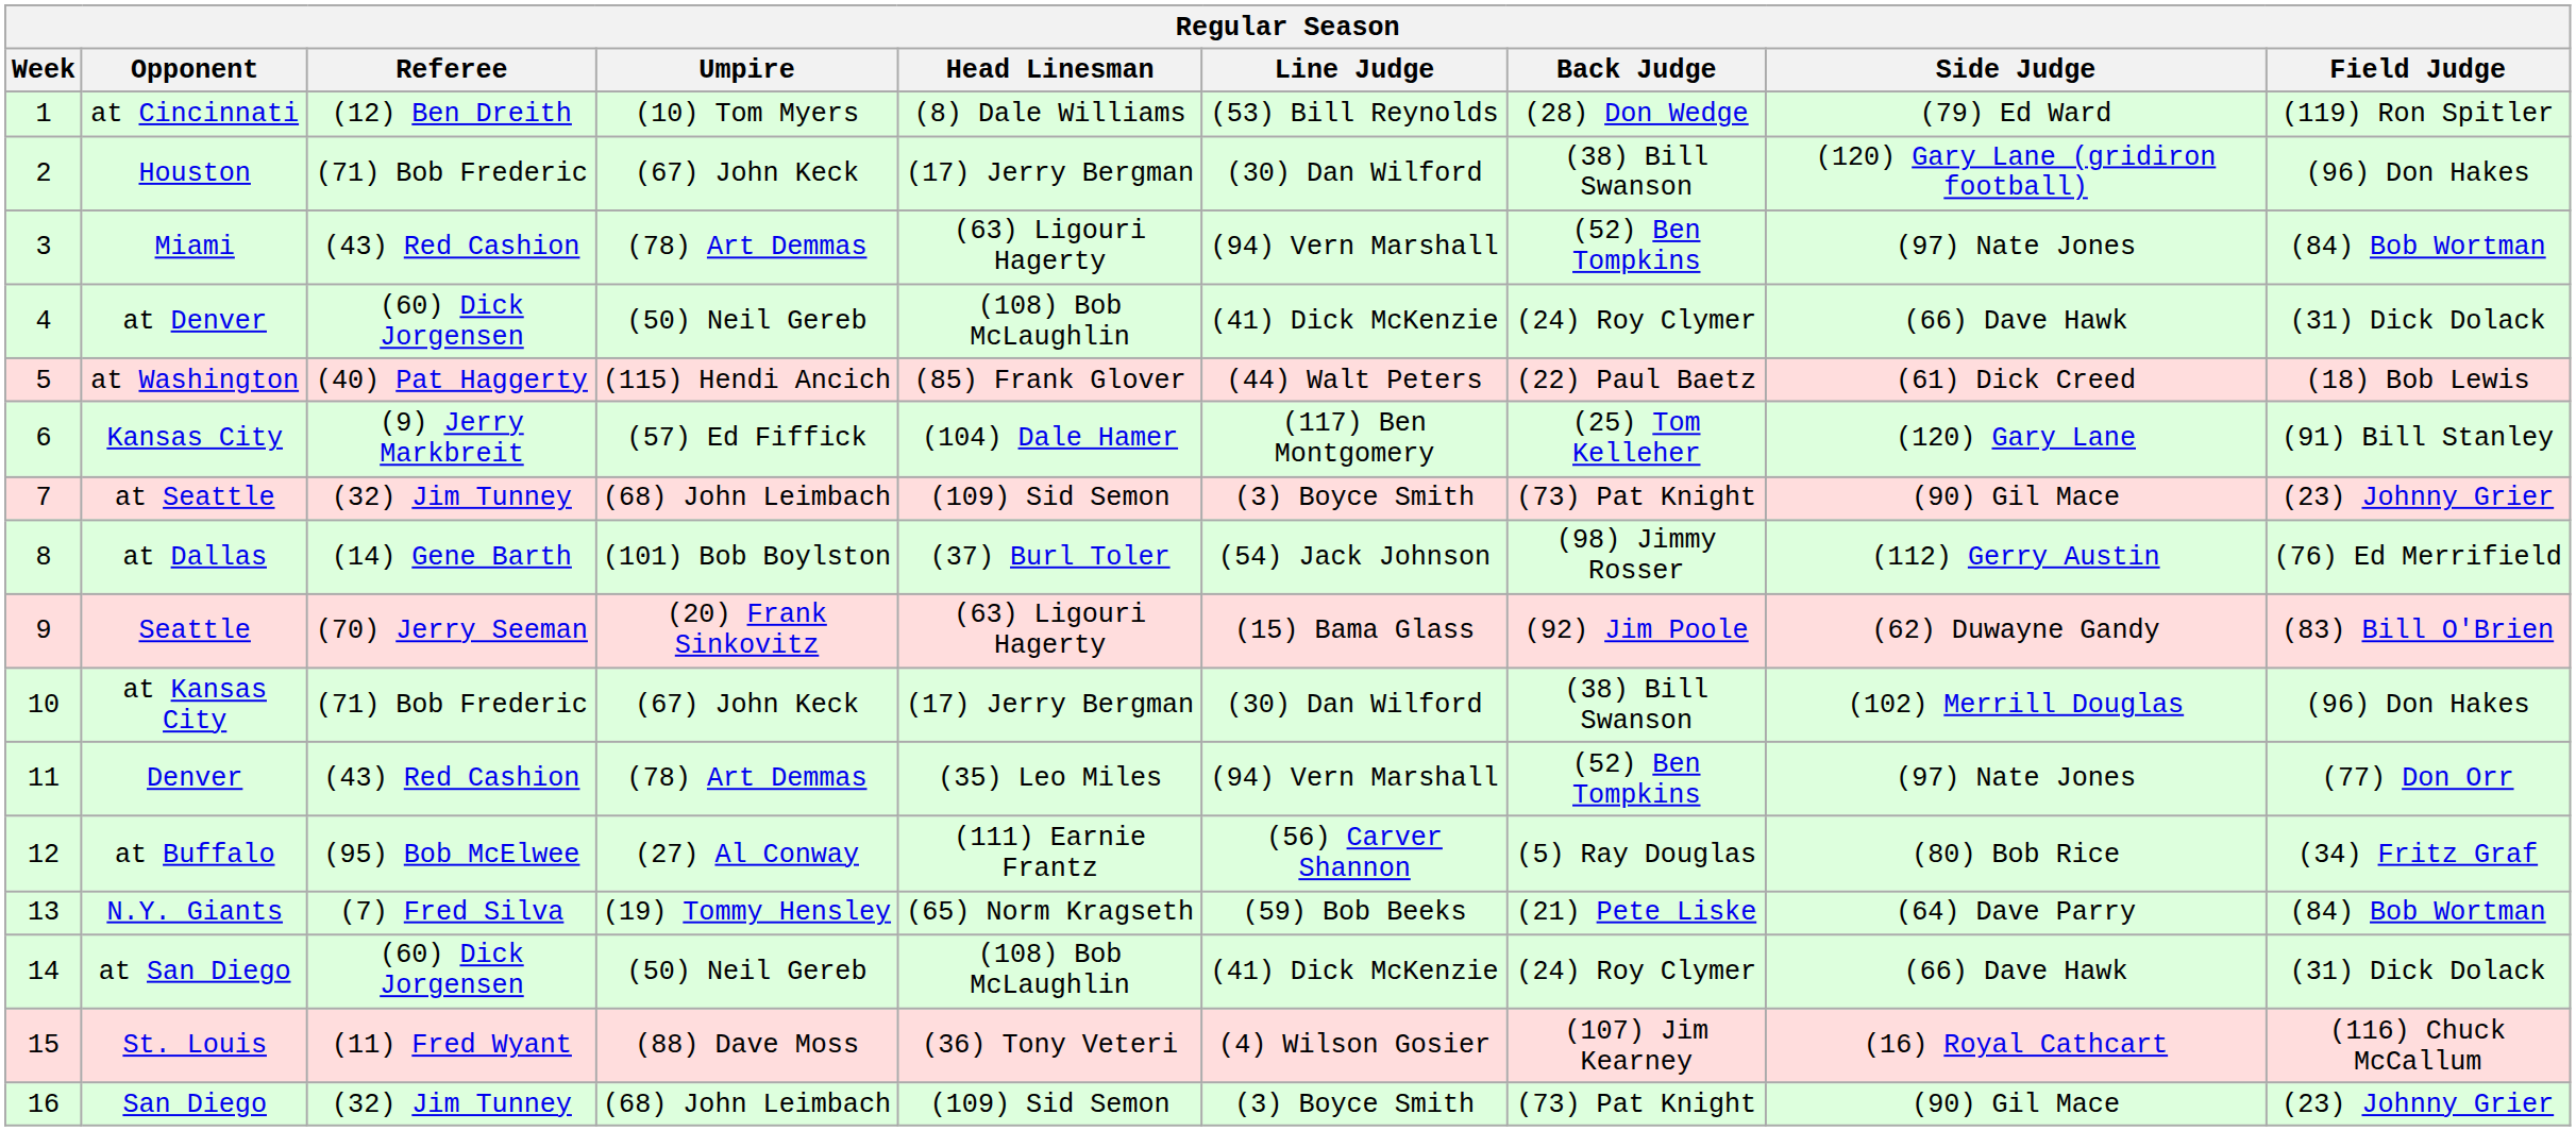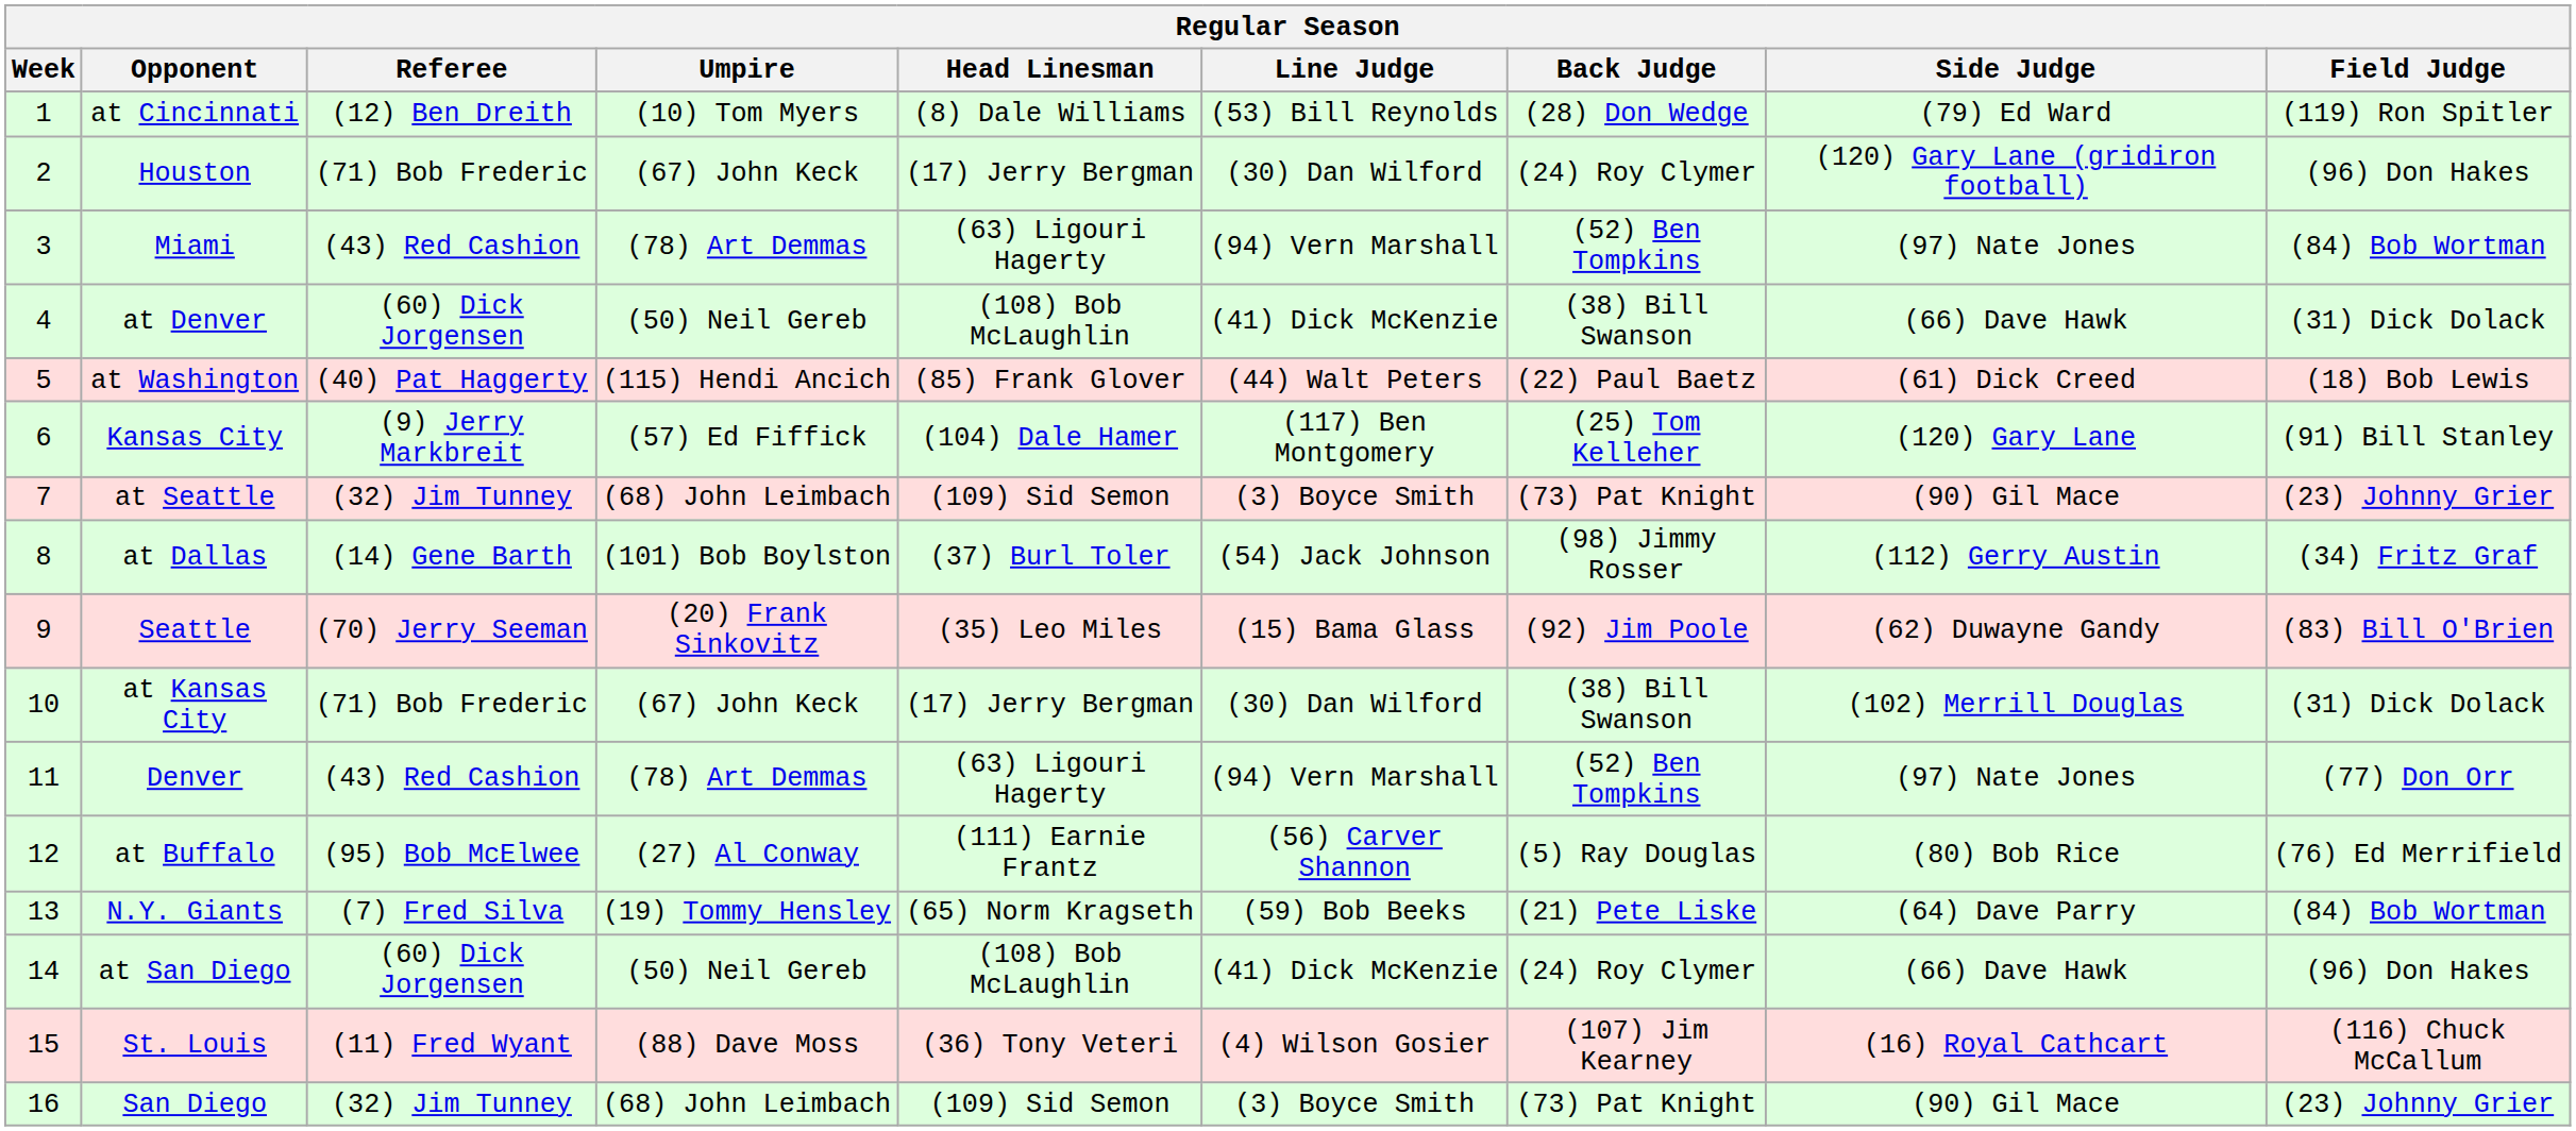 <table class="wikitable" style="text-align:center">
 <tr>
 <th colspan="9">Regular Season</th>
 </tr>
 <tr>
 <th>Week</th>
 <th>Opponent</th>
 <th>Referee</th>
 <th>Umpire</th>
 <th>Head Linesman</th>
 <th>Line Judge</th>
 <th>Back Judge</th>
 <th>Side Judge</th>
 <th>Field Judge</th>
 </tr>
 <tr style="background: #ddffdd;">
 <td>1</td>
 <td>at <a href='#'>Cincinnati</a></td>
 <td>(12) <a href='#'>Ben Dreith</a></td>
 <td>(10) Tom Myers</td>
 <td>(8) Dale Williams</td>
 <td>(53) Bill Reynolds</td>
 <td>(28) <a href='#'>Don Wedge</a></td>
 <td>(79) Ed Ward</td>
 <td>(119) Ron Spitler</td>
 </tr>
 <tr style="background: #ddffdd;">
 <td>2</td>
 <td><a href='#'>Houston</a></td>
 <td>(71) Bob Frederic</td>
 <td>(67) John Keck</td>
 <td>(17) Jerry Bergman</td>
 <td>(30) Dan Wilford</td>
-<td>(38) Bill Swanson</td>
+<td>(24) Roy Clymer</td>
 <td>(120) <a href='#'>Gary Lane (gridiron football)</a></td>
 <td>(96) Don Hakes</td>
 </tr>
 <tr style="background: #ddffdd;">
 <td>3</td>
 <td><a href='#'>Miami</a></td>
 <td>(43) <a href='#'>Red Cashion</a></td>
 <td>(78) <a href='#'>Art Demmas</a></td>
 <td>(63) Ligouri Hagerty</td>
 <td>(94) Vern Marshall</td>
 <td>(52) <a href='#'>Ben Tompkins</a></td>
 <td>(97) Nate Jones</td>
 <td>(84) <a href='#'>Bob Wortman</a></td>
 </tr>
 <tr style="background: #ddffdd;">
 <td>4</td>
 <td>at <a href='#'>Denver</a></td>
 <td>(60) <a href='#'>Dick Jorgensen</a></td>
 <td>(50) Neil Gereb</td>
 <td>(108) Bob McLaughlin</td>
 <td>(41) Dick McKenzie</td>
-<td>(24) Roy Clymer</td>
+<td>(38) Bill Swanson</td>
 <td>(66) Dave Hawk</td>
 <td>(31) Dick Dolack</td>
 </tr>
 <tr style="background: #ffdddd;">
 <td>5</td>
 <td>at <a href='#'>Washington</a></td>
 <td>(40) <a href='#'>Pat Haggerty</a></td>
 <td>(115) Hendi Ancich</td>
 <td>(85) Frank Glover</td>
 <td>(44) Walt Peters</td>
 <td>(22) Paul Baetz</td>
 <td>(61) Dick Creed</td>
 <td>(18) Bob Lewis</td>
 </tr>
 <tr style="background: #ddffdd;">
 <td>6</td>
 <td><a href='#'>Kansas City</a></td>
 <td>(9) <a href='#'>Jerry Markbreit</a></td>
 <td>(57) Ed Fiffick</td>
 <td>(104) <a href='#'>Dale Hamer</a></td>
 <td>(117) Ben Montgomery</td>
 <td>(25) <a href='#'>Tom Kelleher</a></td>
 <td>(120) <a href='#'>Gary Lane</a></td>
 <td>(91) Bill Stanley</td>
 </tr>
 <tr style="background: #ffdddd;">
 <td>7</td>
 <td>at <a href='#'>Seattle</a></td>
 <td>(32) <a href='#'>Jim Tunney</a></td>
 <td>(68) John Leimbach</td>
 <td>(109) Sid Semon</td>
 <td>(3) Boyce Smith</td>
 <td>(73) Pat Knight</td>
 <td>(90) Gil Mace</td>
 <td>(23) <a href='#'>Johnny Grier</a></td>
 </tr>
 <tr style="background: #ddffdd;">
 <td>8</td>
 <td>at <a href='#'>Dallas</a></td>
 <td>(14) <a href='#'>Gene Barth</a></td>
 <td>(101) Bob Boylston</td>
 <td>(37) <a href='#'>Burl Toler</a></td>
 <td>(54) Jack Johnson</td>
 <td>(98) Jimmy Rosser</td>
 <td>(112) <a href='#'>Gerry Austin</a></td>
-<td>(76) Ed Merrifield</td>
+<td>(34) <a href='#'>Fritz Graf</a></td>
 </tr>
 <tr style="background: #ffdddd;">
 <td>9</td>
 <td><a href='#'>Seattle</a></td>
 <td>(70) <a href='#'>Jerry Seeman</a></td>
 <td>(20) <a href='#'>Frank Sinkovitz</a></td>
-<td>(63) Ligouri Hagerty</td>
+<td>(35) Leo Miles</td>
 <td>(15) Bama Glass</td>
 <td>(92) <a href='#'>Jim Poole</a></td>
 <td>(62) Duwayne Gandy</td>
 <td>(83) <a href='#'>Bill O'Brien</a></td>
 </tr>
 <tr style="background: #ddffdd;">
 <td>10</td>
 <td>at <a href='#'>Kansas City</a></td>
 <td>(71) Bob Frederic</td>
 <td>(67) John Keck</td>
 <td>(17) Jerry Bergman</td>
 <td>(30) Dan Wilford</td>
 <td>(38) Bill Swanson</td>
 <td>(102) <a href='#'>Merrill Douglas</a></td>
-<td>(96) Don Hakes</td>
+<td>(31) Dick Dolack</td>
 </tr>
 <tr style="background: #ddffdd;">
 <td>11</td>
 <td><a href='#'>Denver</a></td>
 <td>(43) <a href='#'>Red Cashion</a></td>
 <td>(78) <a href='#'>Art Demmas</a></td>
-<td>(35) Leo Miles</td>
+<td>(63) Ligouri Hagerty</td>
 <td>(94) Vern Marshall</td>
 <td>(52) <a href='#'>Ben Tompkins</a></td>
 <td>(97) Nate Jones</td>
 <td>(77) <a href='#'>Don Orr</a></td>
 </tr>
 <tr style="background: #ddffdd;">
 <td>12</td>
 <td>at <a href='#'>Buffalo</a></td>
 <td>(95) <a href='#'>Bob McElwee</a></td>
 <td>(27) <a href='#'>Al Conway</a></td>
 <td>(111) Earnie Frantz</td>
 <td>(56) <a href='#'>Carver Shannon</a></td>
 <td>(5) Ray Douglas</td>
 <td>(80) Bob Rice</td>
-<td>(34) <a href='#'>Fritz Graf</a></td>
+<td>(76) Ed Merrifield</td>
 </tr>
 <tr style="background: #ddffdd;">
 <td>13</td>
 <td><a href='#'>N.Y. Giants</a></td>
 <td>(7) <a href='#'>Fred Silva</a></td>
 <td>(19) <a href='#'>Tommy Hensley</a></td>
 <td>(65) Norm Kragseth</td>
 <td>(59) Bob Beeks</td>
 <td>(21) <a href='#'>Pete Liske</a></td>
 <td>(64) Dave Parry</td>
 <td>(84) <a href='#'>Bob Wortman</a></td>
 </tr>
 <tr style="background: #ddffdd;">
 <td>14</td>
 <td>at <a href='#'>San Diego</a></td>
 <td>(60) <a href='#'>Dick Jorgensen</a></td>
 <td>(50) Neil Gereb</td>
 <td>(108) Bob McLaughlin</td>
 <td>(41) Dick McKenzie</td>
 <td>(24) Roy Clymer</td>
 <td>(66) Dave Hawk</td>
-<td>(31) Dick Dolack</td>
+<td>(96) Don Hakes</td>
 </tr>
 <tr style="background: #ffdddd;">
 <td>15</td>
 <td><a href='#'>St. Louis</a></td>
 <td>(11) <a href='#'>Fred Wyant</a></td>
 <td>(88) Dave Moss</td>
 <td>(36) Tony Veteri</td>
 <td>(4) Wilson Gosier</td>
 <td>(107) Jim Kearney</td>
 <td>(16) <a href='#'>Royal Cathcart</a></td>
 <td>(116) Chuck McCallum</td>
 </tr>
 <tr style="background: #ddffdd;">
 <td>16</td>
 <td><a href='#'>San Diego</a></td>
 <td>(32) <a href='#'>Jim Tunney</a></td>
 <td>(68) John Leimbach</td>
 <td>(109) Sid Semon</td>
 <td>(3) Boyce Smith</td>
 <td>(73) Pat Knight</td>
 <td>(90) Gil Mace</td>
 <td>(23) <a href='#'>Johnny Grier</a></td>
 </tr>
 </table>
